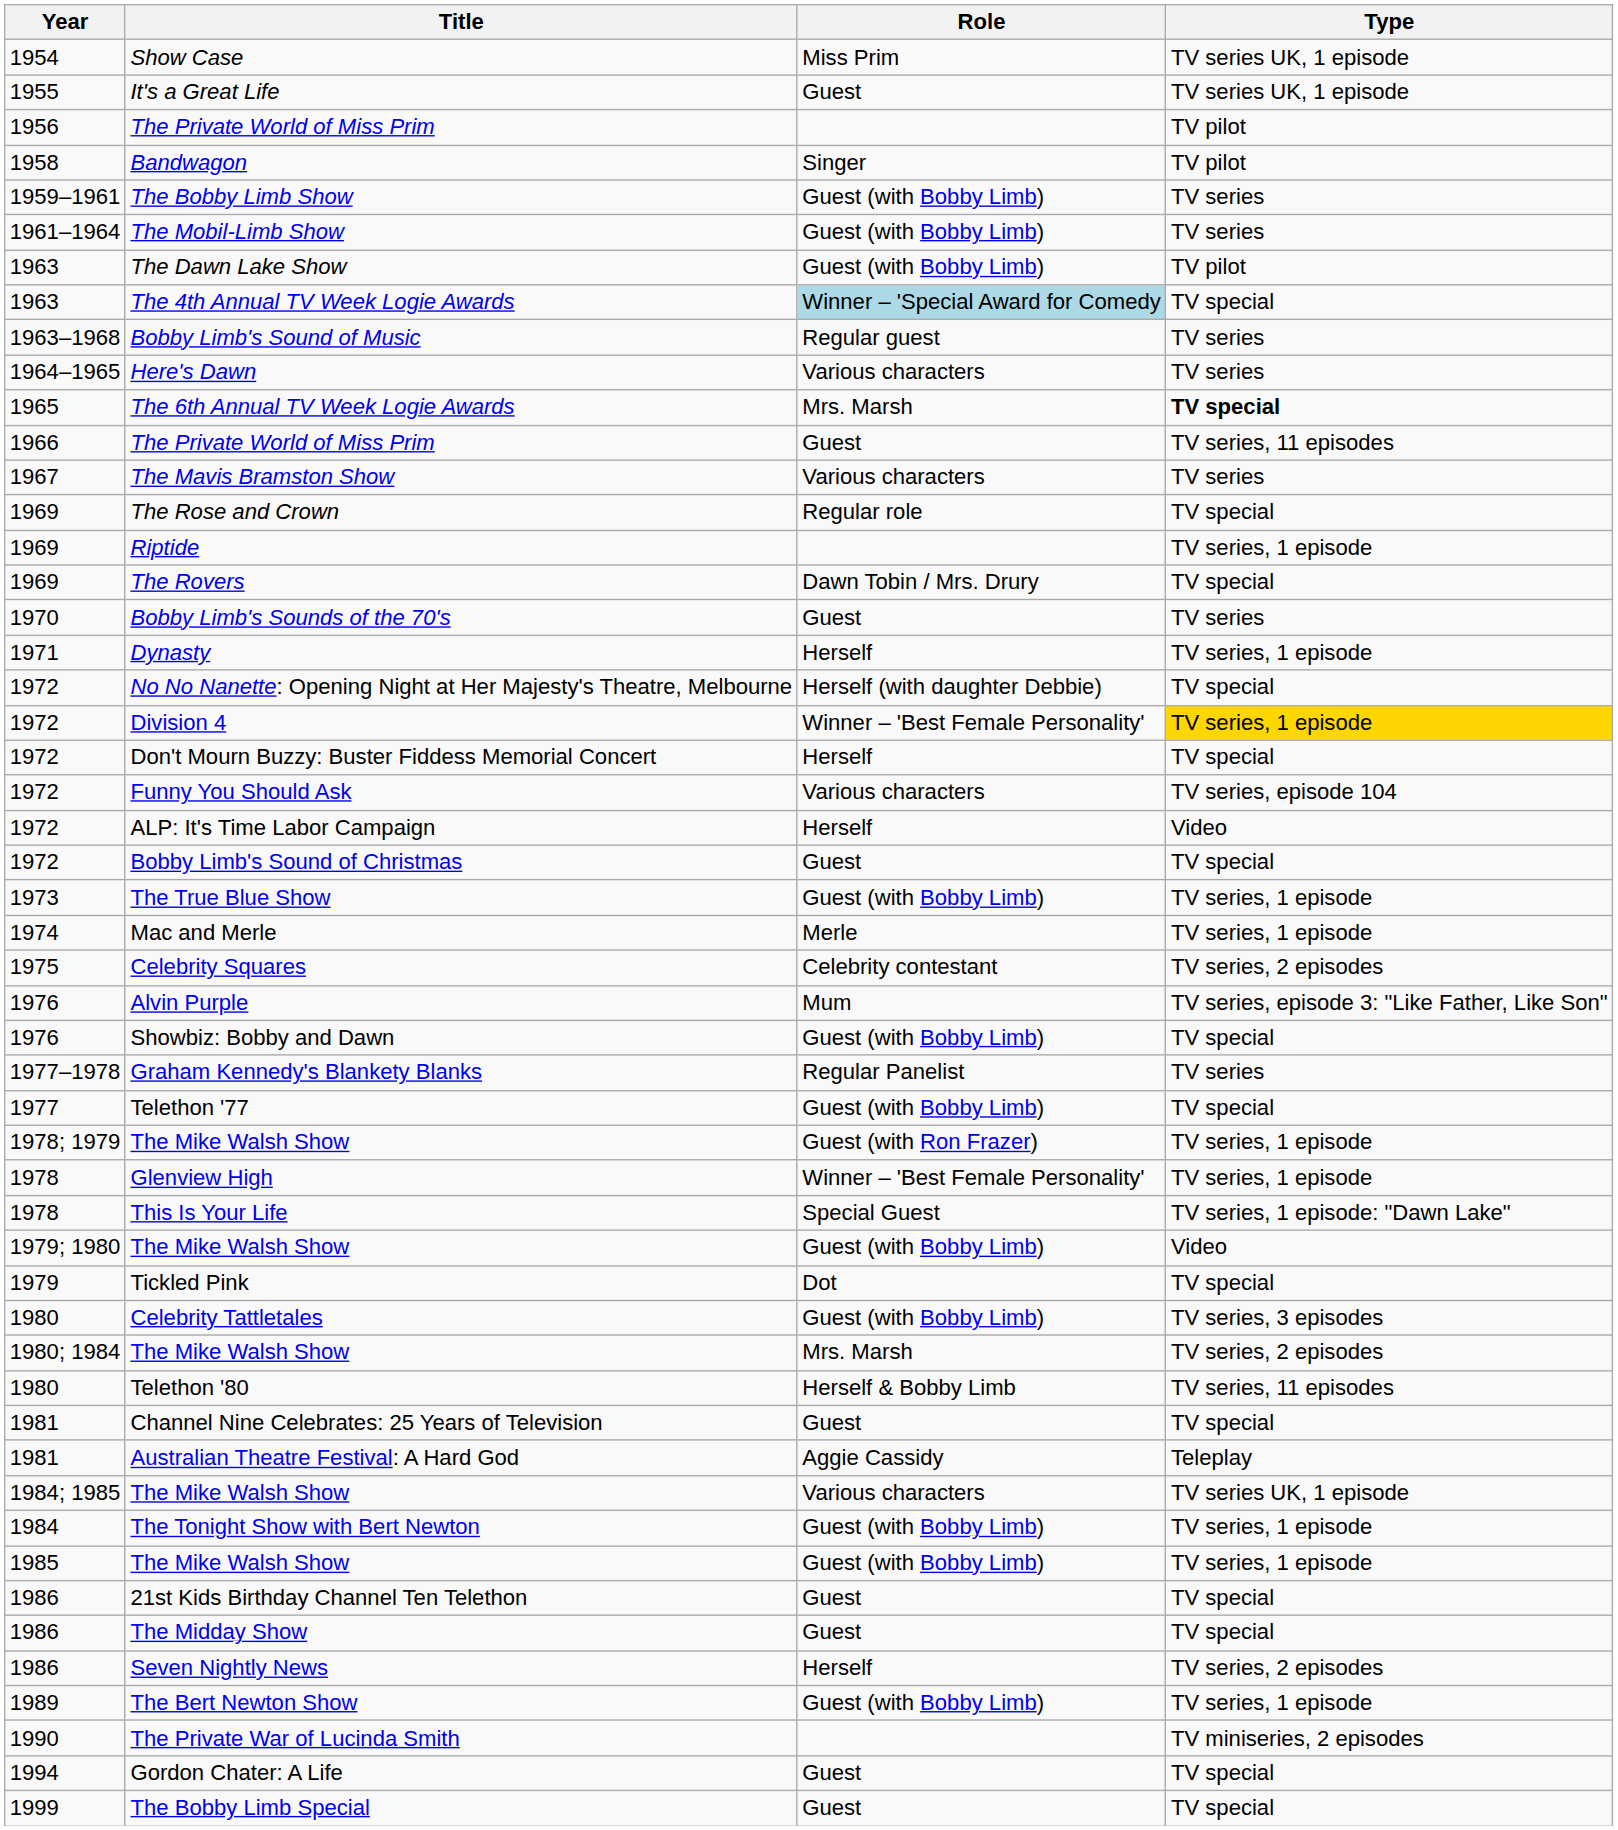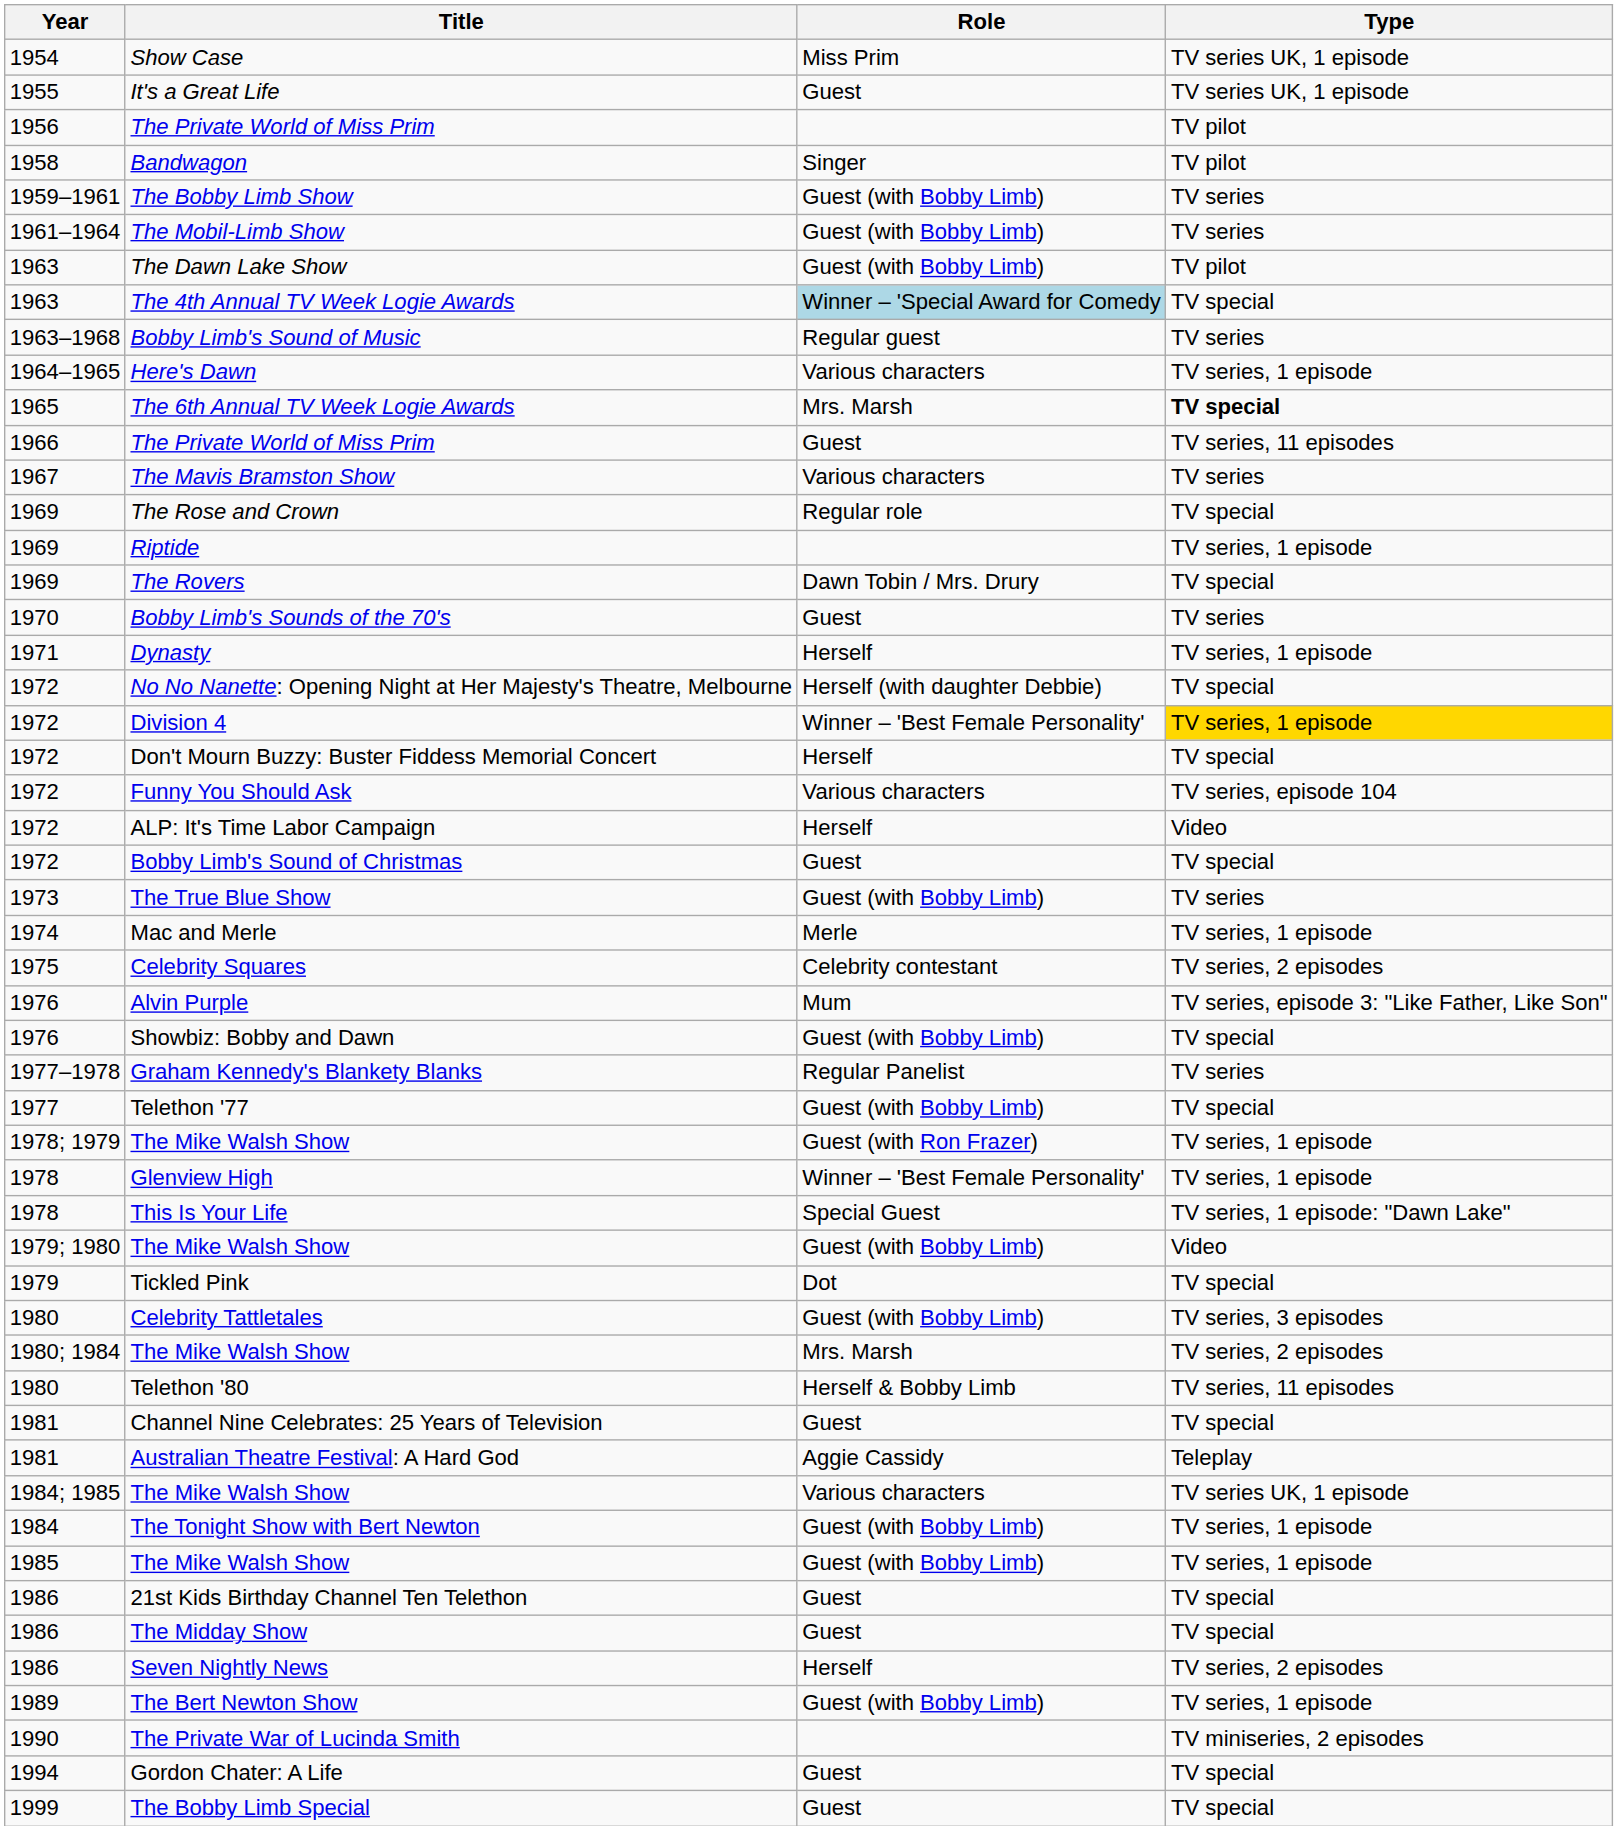 <table class="wikitable">
 <tr>
 <th>Year</th>
 <th>Title</th>
 <th>Role</th>
 <th>Type</th>
 </tr>
 <tr>
 <td>1954</td>
 <td><em>Show Case</em></td>
 <td>Miss Prim</td>
 <td>TV series UK, 1 episode</td>
 </tr>
 <tr>
 <td>1955</td>
 <td><em>It's a Great Life</em></td>
 <td>Guest</td>
 <td>TV series UK, 1 episode</td>
 </tr>
 <tr>
 <td>1956</td>
 <td><em><a href='#'>The Private World of Miss Prim</a></em></td>
 <td></td>
 <td>TV pilot</td>
 </tr>
 <tr>
 <td>1958</td>
 <td><em><a href='#'>Bandwagon</a></em></td>
 <td>Singer</td>
 <td>TV pilot</td>
 </tr>
 <tr>
 <td>1959–1961</td>
 <td><em><a href='#'>The Bobby Limb Show</a></em></td>
 <td>Guest (with <a href='#'>Bobby Limb</a>)</td>
 <td>TV series</td>
 </tr>
 <tr>
 <td>1961–1964</td>
 <td><em><a href='#'>The Mobil-Limb Show</a></em></td>
 <td>Guest (with <a href='#'>Bobby Limb</a>)</td>
 <td>TV series</td>
 </tr>
 <tr>
 <td>1963</td>
 <td><em>The Dawn Lake Show</em></td>
 <td>Guest (with <a href='#'>Bobby Limb</a>)</td>
 <td>TV pilot</td>
 </tr>
 <tr>
 <td>1963</td>
 <td><em><a href='#'>The 4th Annual TV Week Logie Awards</a></em></td>
 <td style="background: lightblue;">Winner – 'Special Award for Comedy</td>
 <td>TV special</td>
 </tr>
 <tr>
 <td>1963–1968</td>
 <td><em><a href='#'>Bobby Limb's Sound of Music</a></em></td>
 <td>Regular guest</td>
 <td>TV series</td>
 </tr>
 <tr>
 <td>1964–1965</td>
 <td><em><a href='#'>Here's Dawn</a></em></td>
 <td>Various characters</td>
-<td>TV series</td>
+<td>TV series, 1 episode</td>
 </tr>
 <tr>
 <td>1965</td>
 <td><em><a href='#'>The 6th Annual TV Week Logie Awards</a></em></td>
 <td>Mrs. Marsh</td>
 <td><strong>TV special</strong></td>
 </tr>
 <tr>
 <td>1966</td>
 <td><em><a href='#'>The Private World of Miss Prim</a></em></td>
 <td>Guest</td>
 <td>TV series, 11 episodes</td>
 </tr>
 <tr>
 <td>1967</td>
 <td><em><a href='#'>The Mavis Bramston Show</a></em></td>
 <td>Various characters</td>
 <td>TV series</td>
 </tr>
 <tr>
 <td>1969</td>
 <td><em>The Rose and Crown</em></td>
 <td>Regular role</td>
 <td>TV special</td>
 </tr>
 <tr>
 <td>1969</td>
 <td><em><a href='#'>Riptide</a></em></td>
 <td></td>
 <td>TV series, 1 episode</td>
 </tr>
 <tr>
 <td>1969</td>
 <td><em><a href='#'>The Rovers</a></em></td>
 <td>Dawn Tobin / Mrs. Drury</td>
 <td>TV special</td>
 </tr>
 <tr>
 <td>1970</td>
 <td><em><a href='#'>Bobby Limb's Sounds of the 70's</a></em></td>
 <td>Guest</td>
 <td>TV series</td>
 </tr>
 <tr>
 <td>1971</td>
 <td><em><a href='#'>Dynasty</a></em></td>
 <td>Herself</td>
 <td>TV series, 1 episode</td>
 </tr>
 <tr>
 <td>1972</td>
 <td><em><a href='#'>No No Nanette</a></em>: Opening Night at Her Majesty's Theatre, Melbourne<em></td>
 <td>Herself (with daughter Debbie)</td>
 <td>TV special</td>
 </tr>
 <tr>
 <td>1972</td>
 <td></em><a href='#'>Division 4</a><em></td>
 <td>Winner – 'Best Female Personality'</td>
 <td style="background: gold;">TV series, 1 episode</td>
 </tr>
 <tr>
 <td>1972</td>
 <td></em>Don't Mourn Buzzy: Buster Fiddess Memorial Concert<em></td>
 <td>Herself</td>
 <td>TV special</td>
 </tr>
 <tr>
 <td>1972</td>
 <td></em><a href='#'>Funny You Should Ask</a><em></td>
 <td>Various characters</td>
 <td>TV series, episode 104</td>
 </tr>
 <tr>
 <td>1972</td>
 <td></em>ALP: It's Time Labor Campaign<em></td>
 <td>Herself</td>
 <td>Video</td>
 </tr>
 <tr>
 <td>1972</td>
 <td></em><a href='#'>Bobby Limb's Sound of Christmas</a><em></td>
 <td>Guest</td>
 <td>TV special</td>
 </tr>
 <tr>
 <td>1973</td>
 <td></em><a href='#'>The True Blue Show</a><em></td>
 <td>Guest (with <a href='#'>Bobby Limb</a>)</td>
-<td>TV series, 1 episode</td>
+<td>TV series</td>
 </tr>
 <tr>
 <td>1974</td>
 <td></em>Mac and Merle<em></td>
 <td>Merle</td>
 <td>TV series, 1 episode</td>
 </tr>
 <tr>
 <td>1975</td>
 <td></em><a href='#'>Celebrity Squares</a><em></td>
 <td>Celebrity contestant</td>
 <td>TV series, 2 episodes</td>
 </tr>
 <tr>
 <td>1976</td>
 <td></em><a href='#'>Alvin Purple</a><em></td>
 <td>Mum</td>
 <td>TV series, episode 3: "Like Father, Like Son"</td>
 </tr>
 <tr>
 <td>1976</td>
 <td></em>Showbiz: Bobby and Dawn<em></td>
 <td>Guest (with <a href='#'>Bobby Limb</a>)</td>
 <td>TV special</td>
 </tr>
 <tr>
 <td>1977–1978</td>
 <td></em><a href='#'>Graham Kennedy's Blankety Blanks</a><em></td>
 <td>Regular Panelist</td>
 <td>TV series</td>
 </tr>
 <tr>
 <td>1977</td>
 <td></em>Telethon '77<em></td>
 <td>Guest (with <a href='#'>Bobby Limb</a>)</td>
 <td>TV special</td>
 </tr>
 <tr>
 <td>1978; 1979</td>
 <td></em><a href='#'>The Mike Walsh Show</a><em></td>
 <td>Guest (with <a href='#'>Ron Frazer</a>)</td>
 <td>TV series, 1 episode</td>
 </tr>
 <tr>
 <td>1978</td>
 <td></em><a href='#'>Glenview High</a><em></td>
 <td>Winner – 'Best Female Personality'</td>
 <td>TV series, 1 episode</td>
 </tr>
 <tr>
 <td>1978</td>
 <td></em><a href='#'>This Is Your Life</a><em></td>
 <td>Special Guest</td>
 <td>TV series, 1 episode: "Dawn Lake"</td>
 </tr>
 <tr>
 <td>1979; 1980</td>
 <td></em><a href='#'>The Mike Walsh Show</a><em></td>
 <td>Guest (with <a href='#'>Bobby Limb</a>)</td>
 <td>Video</td>
 </tr>
 <tr>
 <td>1979</td>
 <td></em>Tickled Pink<em></td>
 <td>Dot</td>
 <td>TV special</td>
 </tr>
 <tr>
 <td>1980</td>
 <td></em><a href='#'>Celebrity Tattletales</a><em></td>
 <td>Guest (with <a href='#'>Bobby Limb</a>)</td>
 <td>TV series, 3 episodes</td>
 </tr>
 <tr>
 <td>1980; 1984</td>
 <td></em><a href='#'>The Mike Walsh Show</a><em></td>
 <td>Mrs. Marsh</td>
 <td>TV series, 2 episodes</td>
 </tr>
 <tr>
 <td>1980</td>
 <td></em>Telethon '80<em></td>
 <td>Herself & Bobby Limb</td>
 <td>TV series, 11 episodes</td>
 </tr>
 <tr>
 <td>1981</td>
 <td></em>Channel Nine Celebrates: 25 Years of Television<em></td>
 <td>Guest</td>
 <td>TV special</td>
 </tr>
 <tr>
 <td>1981</td>
 <td></em><a href='#'>Australian Theatre Festival</a>: A Hard God<em></td>
 <td>Aggie Cassidy</td>
 <td>Teleplay</td>
 </tr>
 <tr>
 <td>1984; 1985</td>
 <td></em><a href='#'>The Mike Walsh Show</a><em></td>
 <td>Various characters</td>
 <td>TV series UK, 1 episode</td>
 </tr>
 <tr>
 <td>1984</td>
 <td></em><a href='#'>The Tonight Show with Bert Newton</a><em></td>
 <td>Guest (with <a href='#'>Bobby Limb</a>)</td>
 <td>TV series, 1 episode</td>
 </tr>
 <tr>
 <td>1985</td>
 <td></em><a href='#'>The Mike Walsh Show</a><em></td>
 <td>Guest (with <a href='#'>Bobby Limb</a>)</td>
 <td>TV series, 1 episode</td>
 </tr>
 <tr>
 <td>1986</td>
 <td></em>21st Kids Birthday Channel Ten Telethon<em></td>
 <td>Guest</td>
 <td>TV special</td>
 </tr>
 <tr>
 <td>1986</td>
 <td></em><a href='#'>The Midday Show</a><em></td>
 <td>Guest</td>
 <td>TV special</td>
 </tr>
 <tr>
 <td>1986</td>
 <td></em><a href='#'>Seven Nightly News</a><em></td>
 <td>Herself</td>
 <td>TV series, 2 episodes</td>
 </tr>
 <tr>
 <td>1989</td>
 <td></em><a href='#'>The Bert Newton Show</a><em></td>
 <td>Guest (with <a href='#'>Bobby Limb</a>)</td>
 <td>TV series, 1 episode</td>
 </tr>
 <tr>
 <td>1990</td>
 <td></em><a href='#'>The Private War of Lucinda Smith</a><em></td>
 <td></td>
 <td>TV miniseries, 2 episodes</td>
 </tr>
 <tr>
 <td>1994</td>
 <td></em>Gordon Chater: A Life<em></td>
 <td>Guest</td>
 <td>TV special</td>
 </tr>
 <tr>
 <td>1999</td>
 <td></em><a href='#'>The Bobby Limb Special</a><em></td>
 <td>Guest</td>
 <td>TV special</td>
 </tr>
 </table>
